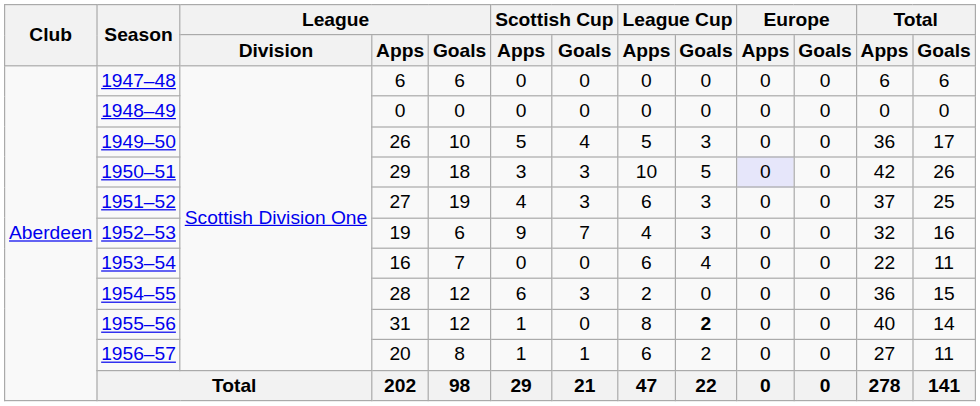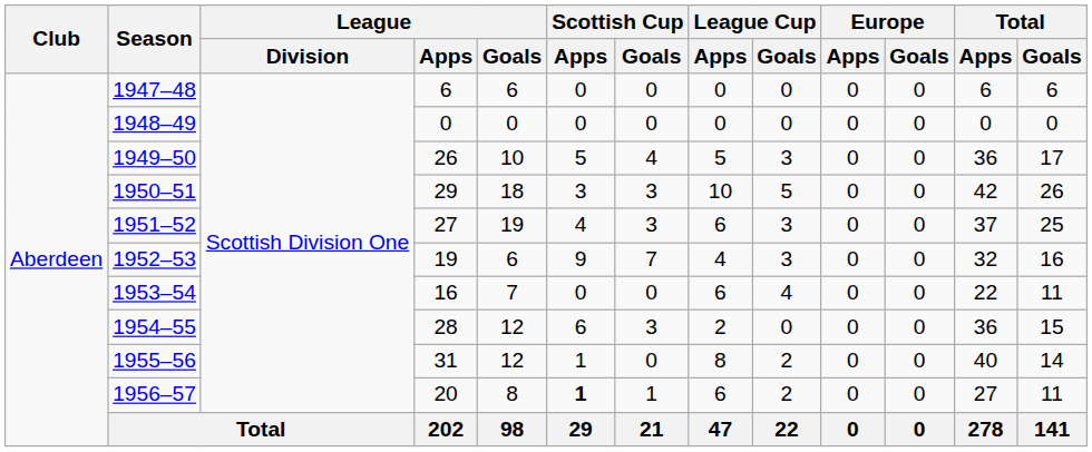 <table class="wikitable" style="text-align:center">
 <tr>
 <th rowspan="2">Club</th>
 <th rowspan="2">Season</th>
 <th colspan="3">League</th>
 <th colspan="2">Scottish Cup</th>
 <th colspan="2">League Cup</th>
 <th colspan="2">Europe</th>
 <th colspan="2">Total</th>
 </tr>
 <tr>
 <th>Division</th>
 <th>Apps</th>
 <th>Goals</th>
 <th>Apps</th>
 <th>Goals</th>
 <th>Apps</th>
 <th>Goals</th>
 <th>Apps</th>
 <th>Goals</th>
 <th>Apps</th>
 <th>Goals</th>
 </tr>
 <tr>
 <td rowspan="11"><a href='#'>Aberdeen</a></td>
 <td><a href='#'>1947–48</a></td>
 <td rowspan="10"><a href='#'>Scottish Division One</a></td>
 <td>6</td>
 <td>6</td>
 <td>0</td>
 <td>0</td>
 <td>0</td>
 <td>0</td>
 <td>0</td>
 <td>0</td>
 <td>6</td>
 <td>6</td>
 </tr>
 <tr>
 <td><a href='#'>1948–49</a></td>
 <td>0</td>
 <td>0</td>
 <td>0</td>
 <td>0</td>
 <td>0</td>
 <td>0</td>
 <td>0</td>
 <td>0</td>
 <td>0</td>
 <td>0</td>
 </tr>
 <tr>
 <td><a href='#'>1949–50</a></td>
 <td>26</td>
 <td>10</td>
 <td>5</td>
 <td>4</td>
 <td>5</td>
 <td>3</td>
 <td>0</td>
 <td>0</td>
 <td>36</td>
 <td>17</td>
 </tr>
 <tr>
 <td><a href='#'>1950–51</a></td>
 <td>29</td>
 <td>18</td>
 <td>3</td>
 <td>3</td>
 <td>10</td>
 <td>5</td>
-<td style="background: lavender;">0</td>
+<td>0</td>
 <td>0</td>
 <td>42</td>
 <td>26</td>
 </tr>
 <tr>
 <td><a href='#'>1951–52</a></td>
 <td>27</td>
 <td>19</td>
 <td>4</td>
 <td>3</td>
 <td>6</td>
 <td>3</td>
 <td>0</td>
 <td>0</td>
 <td>37</td>
 <td>25</td>
 </tr>
 <tr>
 <td><a href='#'>1952–53</a></td>
 <td>19</td>
 <td>6</td>
 <td>9</td>
 <td>7</td>
 <td>4</td>
 <td>3</td>
 <td>0</td>
 <td>0</td>
 <td>32</td>
 <td>16</td>
 </tr>
 <tr>
 <td><a href='#'>1953–54</a></td>
 <td>16</td>
 <td>7</td>
 <td>0</td>
 <td>0</td>
 <td>6</td>
 <td>4</td>
 <td>0</td>
 <td>0</td>
 <td>22</td>
 <td>11</td>
 </tr>
 <tr>
 <td><a href='#'>1954–55</a></td>
 <td>28</td>
 <td>12</td>
 <td>6</td>
 <td>3</td>
 <td>2</td>
 <td>0</td>
 <td>0</td>
 <td>0</td>
 <td>36</td>
 <td>15</td>
 </tr>
 <tr>
 <td><a href='#'>1955–56</a></td>
 <td>31</td>
 <td>12</td>
 <td>1</td>
 <td>0</td>
 <td>8</td>
-<td><strong>2</strong></td>
+<td>2</td>
 <td>0</td>
 <td>0</td>
 <td>40</td>
 <td>14</td>
 </tr>
 <tr>
 <td><a href='#'>1956–57</a></td>
 <td>20</td>
 <td>8</td>
-<td>1</td>
+<td><strong>1</strong></td>
 <td>1</td>
 <td>6</td>
 <td>2</td>
 <td>0</td>
 <td>0</td>
 <td>27</td>
 <td>11</td>
 </tr>
 <tr>
 <th colspan="2">Total</th>
 <th>202</th>
 <th>98</th>
 <th>29</th>
 <th>21</th>
 <th>47</th>
 <th>22</th>
 <th>0</th>
 <th>0</th>
 <th>278</th>
 <th>141</th>
 </tr>
 </table>
